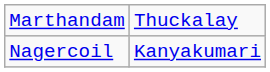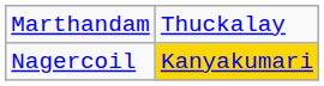 <table class="wikitable">
 <tr>
 <td><a href='#'>Marthandam</a></td>
 <td><a href='#'>Thuckalay</a></td>
 </tr>
 <tr>
 <td><a href='#'>Nagercoil</a></td>
-<td><a href='#'>Kanyakumari</a></td>
+<td style="background: gold;"><a href='#'>Kanyakumari</a></td>
 </tr>
 </table>
